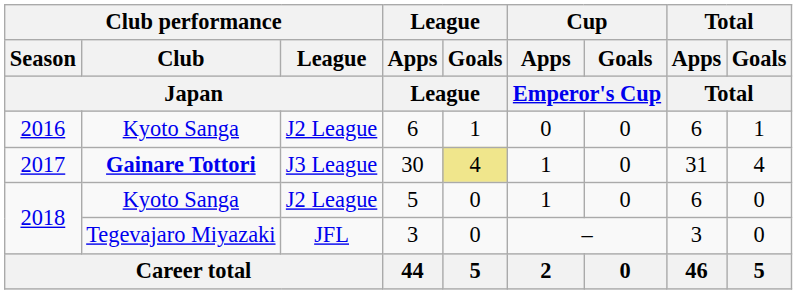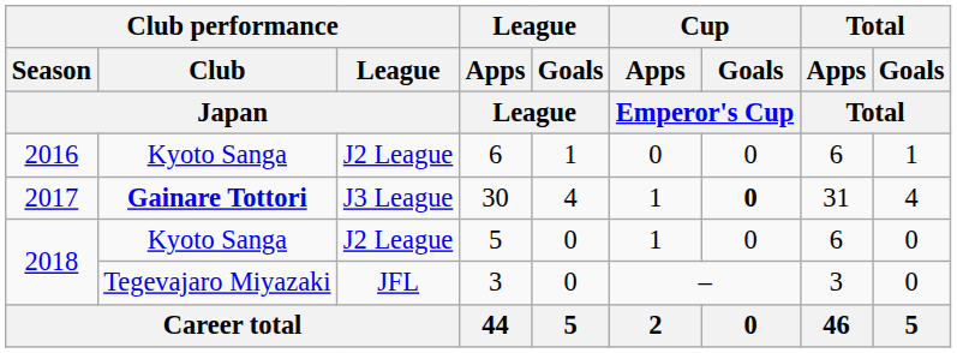 <table class="wikitable" style="text-align:center">
 <tr>
 <th colspan=3>Club performance</th>
 <th colspan=2>League</th>
 <th colspan=2>Cup</th>
 <th colspan=2>Total</th>
 </tr>
 <tr>
 <th>Season</th>
 <th>Club</th>
 <th>League</th>
 <th>Apps</th>
 <th>Goals</th>
 <th>Apps</th>
 <th>Goals</th>
 <th>Apps</th>
 <th>Goals</th>
 </tr>
 <tr>
 <th colspan=3>Japan</th>
 <th colspan=2>League</th>
 <th colspan=2><a href='#'>Emperor's Cup</a></th>
 <th colspan=2>Total</th>
 </tr>
 <tr>
 <td><a href='#'>2016</a></td>
 <td rowspan="1"><a href='#'>Kyoto Sanga</a></td>
 <td rowspan="1"><a href='#'>J2 League</a></td>
 <td>6</td>
 <td>1</td>
 <td>0</td>
 <td>0</td>
 <td>6</td>
 <td>1</td>
 </tr>
 <tr>
 <td><a href='#'>2017</a></td>
 <td><strong><a href='#'>Gainare Tottori</a></strong></td>
 <td><a href='#'>J3 League</a></td>
 <td>30</td>
-<td style="background: khaki;">4</td>
+<td>4</td>
 <td>1</td>
-<td>0</td>
+<td><strong>0</strong></td>
 <td>31</td>
 <td>4</td>
 </tr>
 <tr>
 <td rowspan="2"><a href='#'>2018</a></td>
 <td><a href='#'>Kyoto Sanga</a></td>
 <td><a href='#'>J2 League</a></td>
 <td>5</td>
 <td>0</td>
 <td>1</td>
 <td>0</td>
 <td>6</td>
 <td>0</td>
 </tr>
 <tr>
 <td><a href='#'>Tegevajaro Miyazaki</a></td>
 <td><a href='#'>JFL</a></td>
 <td>3</td>
 <td>0</td>
 <td colspan="2">–</td>
 <td>3</td>
 <td>0</td>
 </tr>
 <tr>
 <th colspan=3>Career total</th>
 <th>44</th>
 <th>5</th>
 <th>2</th>
 <th>0</th>
 <th>46</th>
 <th>5</th>
 </tr>
 </table>
